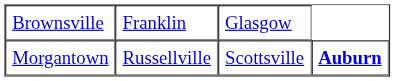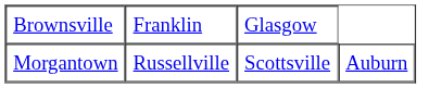 <table border="1" cellpadding="5" cellspacing="0">
 <tr>
 <td><a href='#'>Brownsville</a></td>
 <td><a href='#'>Franklin</a></td>
 <td><a href='#'>Glasgow</a></td>
 </tr>
 <tr>
 <td><a href='#'>Morgantown</a></td>
 <td><a href='#'>Russellville</a></td>
 <td><a href='#'>Scottsville</a></td>
-<td><strong><a href='#'>Auburn</a></strong></td>
+<td><a href='#'>Auburn</a></td>
 </tr>
 </table>
